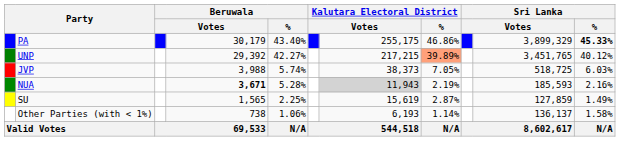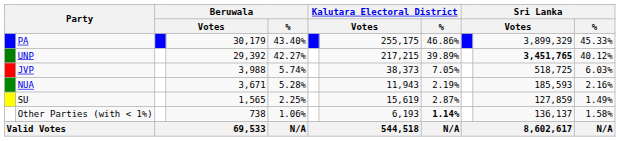 <table class="wikitable">
 <tr>
 <th colspan="2" width="144px"rowspan="2">Party</th>
 <th colspan="3" width="216px">Beruwala</th>
 <th colspan="3" width="216px"><a href='#'>Kalutara Electoral District</a></th>
 <th colspan="3" width="216px">Sri Lanka</th>
 </tr>
 <tr>
 <th colspan="2" width="144px">Votes</th>
 <th>%</th>
 <th colspan="2" width="144px">Votes</th>
 <th>%</th>
 <th colspan="2" width="144px">Votes</th>
 <th>%</th>
 </tr>
 <tr>
 <td style="background-color:blue;" width="10px"></td>
 <td style="text-align:left;"><a href='#'>PA</a></td>
 <td style="background-color:blue;" width="10px"></td>
 <td style="text-align:right;">30,179</td>
 <td style="text-align:right;">43.40%</td>
 <td style="background-color:blue;" width="10px"></td>
 <td style="text-align:right;">255,175</td>
 <td style="text-align:right;">46.86%</td>
 <td style="background-color:blue;" width="10px"></td>
 <td style="text-align:right;">3,899,329</td>
-<td style="text-align:right;"><strong>45.33%</strong></td>
+<td style="text-align:right;">45.33%</td>
 </tr>
 <tr>
 <td style="background-color:green;" width="10px"></td>
 <td style="text-align:left;"><a href='#'>UNP</a></td>
 <td style="background-color:white;" width="10px"></td>
 <td style="text-align:right;">29,392</td>
 <td style="text-align:right;">42.27%</td>
 <td style="background-color:white;" width="10px"></td>
 <td style="text-align:right;">217,215</td>
-<td style="background: lightsalmon; text-align:right;">39.89%</td>
+<td style="text-align:right;">39.89%</td>
 <td style="background-color:white;" width="10px"></td>
-<td style="text-align:right;">3,451,765</td>
+<td style="text-align:right;"><strong>3,451,765</strong></td>
 <td style="text-align:right;">40.12%</td>
 </tr>
 <tr>
 <td style="background-color:red;" width="10px"></td>
 <td style="text-align:left;"><a href='#'>JVP</a></td>
 <td style="background-color:white;" width="10px"></td>
 <td style="text-align:right;">3,988</td>
 <td style="text-align:right;">5.74%</td>
 <td style="background-color:white;" width="10px"></td>
 <td style="text-align:right;">38,373</td>
 <td style="text-align:right;">7.05%</td>
 <td style="background-color:white;" width="10px"></td>
 <td style="text-align:right;">518,725</td>
 <td style="text-align:right;">6.03%</td>
 </tr>
 <tr>
 <td style="background-color:#008800;" width="10px"></td>
 <td style="text-align:left;"><a href='#'>NUA</a></td>
 <td style="background-color:white;" width="10px"></td>
-<td style="text-align:right;"><strong>3,671</strong></td>
+<td style="text-align:right;">3,671</td>
 <td style="text-align:right;">5.28%</td>
 <td style="background-color:white;" width="10px"></td>
-<td style="background: lightgrey; text-align:right;">11,943</td>
+<td style="text-align:right;">11,943</td>
 <td style="text-align:right;">2.19%</td>
 <td style="background-color:white;" width="10px"></td>
 <td style="text-align:right;">185,593</td>
 <td style="text-align:right;">2.16%</td>
 </tr>
 <tr>
 <td style="background-color:yellow;" width="10px"></td>
 <td style="text-align:left;">SU</td>
 <td style="background-color:white;" width="10px"></td>
 <td style="text-align:right;">1,565</td>
 <td style="text-align:right;">2.25%</td>
 <td style="background-color:white;" width="10px"></td>
 <td style="text-align:right;">15,619</td>
 <td style="text-align:right;">2.87%</td>
 <td style="background-color:white;" width="10px"></td>
 <td style="text-align:right;">127,859</td>
 <td style="text-align:right;">1.49%</td>
 </tr>
 <tr>
 <td style="background-color:white;" width="10px"></td>
 <td style="text-align:left;">Other Parties (with < 1%)</td>
 <td style="background-color:white;" width="10px"></td>
 <td style="text-align:right;">738</td>
 <td style="text-align:right;">1.06%</td>
 <td style="background-color:white;" width="10px"></td>
 <td style="text-align:right;">6,193</td>
-<td style="text-align:right;">1.14%</td>
+<td style="text-align:right;"><strong>1.14%</strong></td>
 <td style="background-color:white;" width="10px"></td>
 <td style="text-align:right;">136,137</td>
 <td style="text-align:right;">1.58%</td>
 </tr>
 <tr>
 <th colspan="2" width="144px"style="text-align:left;">Valid Votes</th>
 <th style="text-align:right;"colspan="2" width="144px">69,533</th>
 <th style="text-align:right;">N/A</th>
 <th style="text-align:right;"colspan="2" width="144px">544,518</th>
 <th style="text-align:right;">N/A</th>
 <th style="text-align:right;"colspan="2" width="144px">8,602,617</th>
 <th style="text-align:right;">N/A</th>
 </tr>
 </table>
